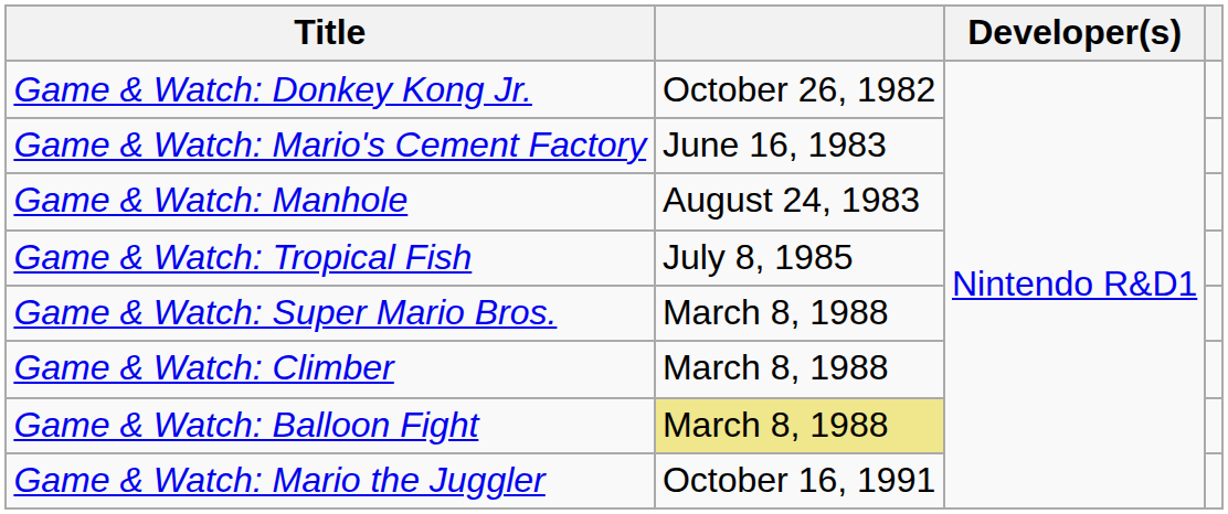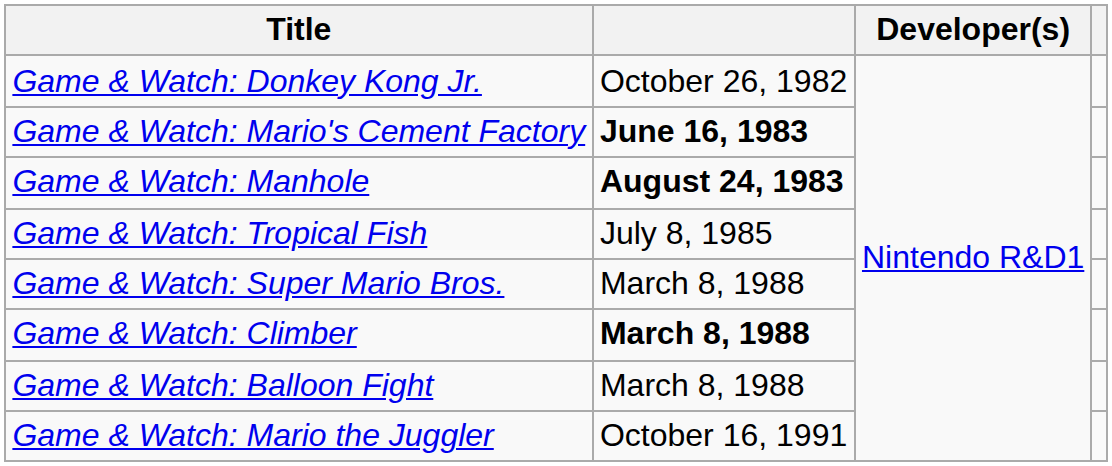 <table class="wikitable plainrowheaders sortable">
 <tr>
 <th scope="col">Title</th>
 <th scope="col" data-sort-type="date"></th>
 <th scope="col">Developer(s)</th>
 <th scope="col" class="unsortable"></th>
 </tr>
 <tr>
 <td><em><a href='#'>Game & Watch: Donkey Kong Jr.</a></em></td>
 <td>October 26, 1982</td>
 <td rowspan="8"><a href='#'>Nintendo R&D1</a></td>
 <td></td>
 </tr>
 <tr>
 <td><em><a href='#'>Game & Watch: Mario's Cement Factory</a></em></td>
-<td>June 16, 1983</td>
+<td><strong>June 16, 1983</strong></td>
 <td></td>
 </tr>
 <tr>
 <td><em><a href='#'>Game & Watch: Manhole</a></em></td>
-<td>August 24, 1983</td>
+<td><strong>August 24, 1983</strong></td>
 <td></td>
 </tr>
 <tr>
 <td><em><a href='#'>Game & Watch: Tropical Fish</a></em></td>
 <td>July 8, 1985</td>
 <td></td>
 </tr>
 <tr>
 <td><em><a href='#'>Game & Watch: Super Mario Bros.</a></em></td>
 <td>March 8, 1988</td>
 <td></td>
 </tr>
 <tr>
 <td><em><a href='#'>Game & Watch: Climber</a></em></td>
-<td>March 8, 1988</td>
+<td><strong>March 8, 1988</strong></td>
 <td></td>
 </tr>
 <tr>
 <td><em><a href='#'>Game & Watch: Balloon Fight</a></em></td>
-<td style="background: khaki;">March 8, 1988</td>
+<td>March 8, 1988</td>
 <td></td>
 </tr>
 <tr>
 <td><em><a href='#'>Game & Watch: Mario the Juggler</a></em></td>
 <td>October 16, 1991</td>
 <td></td>
 </tr>
 </table>
